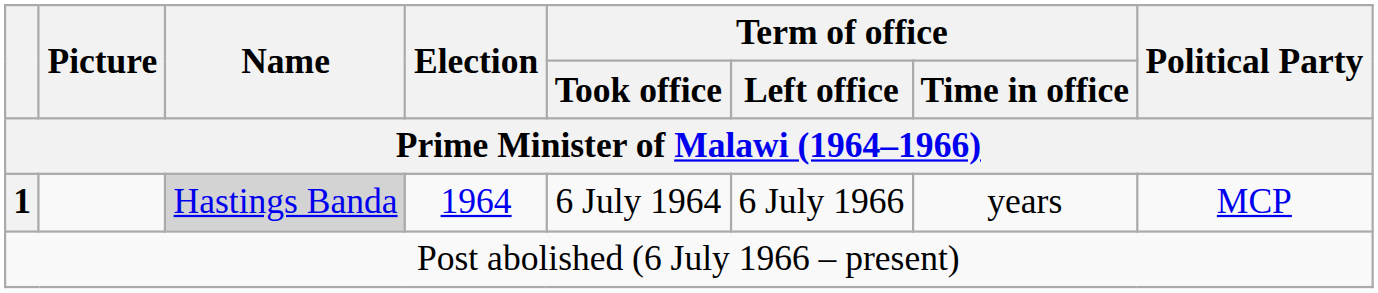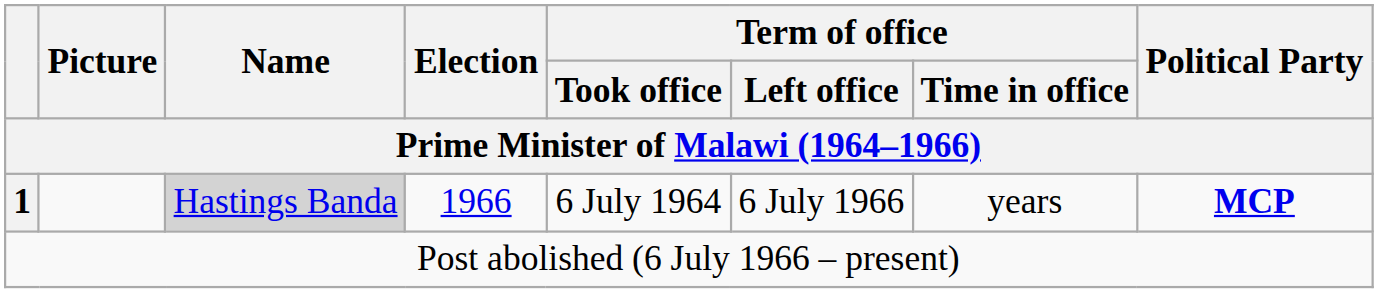 <table class="wikitable" style="text-align:center">
 <tr>
 <th rowspan="2"></th>
 <th rowspan="2">Picture</th>
 <th rowspan="2">Name<br></th>
 <th rowspan="2">Election</th>
 <th colspan="3">Term of office</th>
 <th rowspan="2">Political Party</th>
 </tr>
 <tr>
 <th>Took office</th>
 <th>Left office</th>
 <th>Time in office</th>
 </tr>
 <tr>
 <th colspan="8">Prime Minister of <a href='#'>Malawi (1964–1966)</a></th>
 </tr>
 <tr>
 <th style="background:">1</th>
 <td></td>
 <td style="background: lightgrey;"><a href='#'>Hastings Banda</a><br></td>
-<td><a href='#'>1964</a></td>
+<td><a href='#'>1966</a></td>
 <td>6 July 1964</td>
 <td>6 July 1966</td>
 <td> years</td>
-<td><a href='#'>MCP</a></td>
+<td><strong><a href='#'>MCP</a></strong></td>
 </tr>
 <tr>
 <td colspan="8" align="center">Post abolished (6 July 1966 – present)</td>
 </tr>
 </table>
